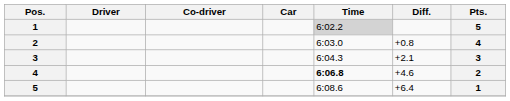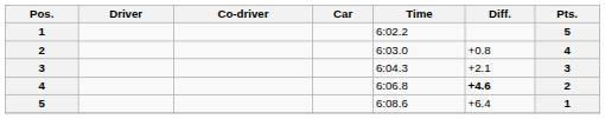 <table class="wikitable" width=80% style="font-size: 85%;">
 <tr>
 <th>Pos.</th>
 <th>Driver</th>
 <th>Co-driver</th>
 <th>Car</th>
 <th>Time</th>
 <th>Diff.</th>
 <th>Pts.</th>
 </tr>
 <tr>
 <th>1</th>
 <td></td>
 <td></td>
 <td></td>
-<td style="background: lightgrey;">6:02.2</td>
+<td>6:02.2</td>
 <td></td>
 <th>5</th>
 </tr>
 <tr>
 <th>2</th>
 <td></td>
 <td></td>
 <td></td>
 <td>6:03.0</td>
 <td>+0.8</td>
 <th>4</th>
 </tr>
 <tr>
 <th>3</th>
 <td></td>
 <td></td>
 <td></td>
 <td>6:04.3</td>
 <td>+2.1</td>
 <th>3</th>
 </tr>
 <tr>
 <th>4</th>
 <td></td>
 <td></td>
 <td></td>
-<td><strong>6:06.8</strong></td>
-<td>+4.6</td>
+<td>6:06.8</td>
+<td><strong>+4.6</strong></td>
 <th>2</th>
 </tr>
 <tr>
 <th>5</th>
 <td></td>
 <td></td>
 <td></td>
 <td>6:08.6</td>
 <td>+6.4</td>
 <th>1</th>
 </tr>
 <tr>
 </tr>
 </table>
